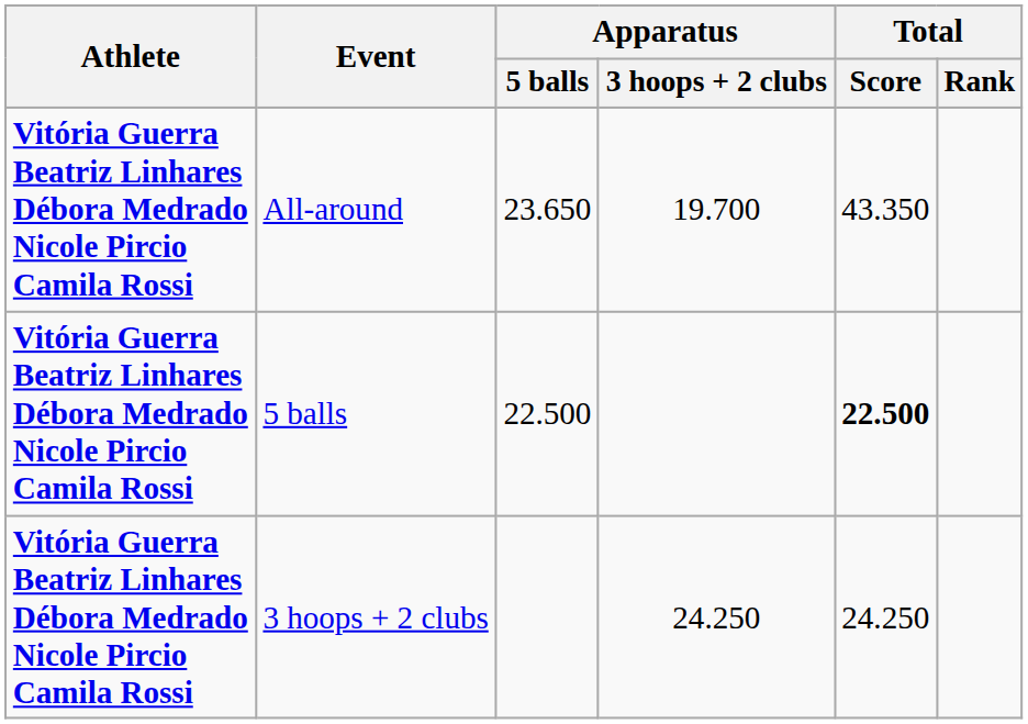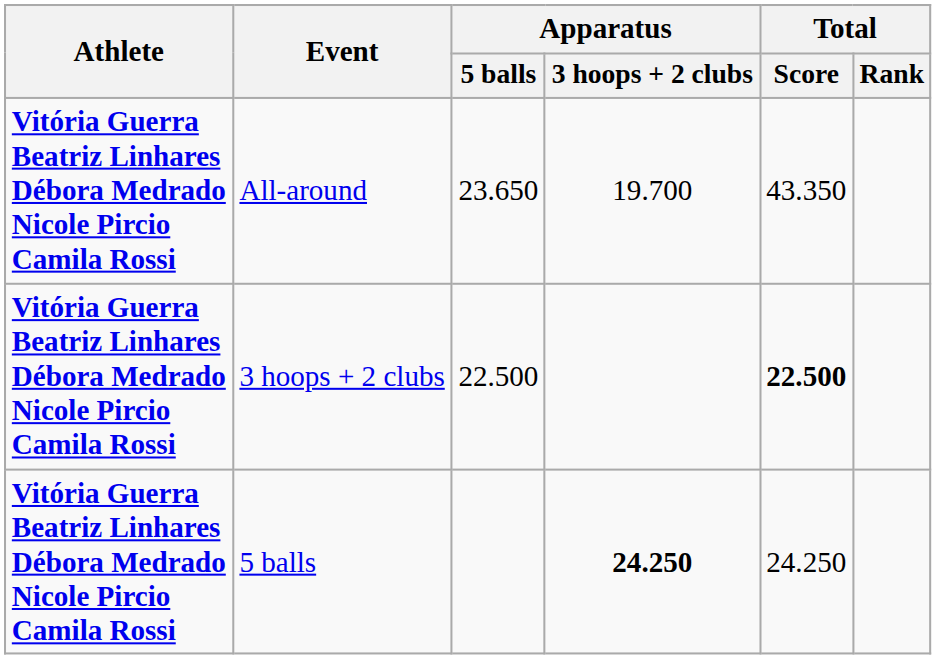 <table class=wikitable style=font-size:90%;text-align:center>
 <tr>
 <th rowspan=2>Athlete</th>
 <th rowspan=2>Event</th>
 <th colspan=2>Apparatus</th>
 <th colspan=2>Total</th>
 </tr>
 <tr style=font-size:95%>
 <th>5 balls</th>
 <th>3 hoops + 2 clubs</th>
 <th>Score</th>
 <th>Rank</th>
 </tr>
 <tr>
 <td align=left><strong><a href='#'>Vitória Guerra</a></strong><br><strong><a href='#'>Beatriz Linhares</a></strong><br><strong><a href='#'>Débora Medrado</a></strong><br><strong><a href='#'>Nicole Pircio</a></strong><br><strong><a href='#'>Camila Rossi</a></strong></td>
 <td align=left><a href='#'>All-around</a></td>
 <td>23.650</td>
 <td>19.700</td>
 <td>43.350</td>
 <td></td>
 </tr>
 <tr>
 <td align=left><strong><a href='#'>Vitória Guerra</a></strong><br><strong><a href='#'>Beatriz Linhares</a></strong><br><strong><a href='#'>Débora Medrado</a></strong><br><strong><a href='#'>Nicole Pircio</a></strong><br><strong><a href='#'>Camila Rossi</a></strong></td>
-<td align=left><a href='#'>5 balls</a></td>
+<td align=left><a href='#'>3 hoops + 2 clubs</a></td>
 <td>22.500</td>
 <td></td>
 <td><strong>22.500</strong></td>
 <td></td>
 </tr>
 <tr>
 <td align=left><strong><a href='#'>Vitória Guerra</a></strong><br><strong><a href='#'>Beatriz Linhares</a></strong><br><strong><a href='#'>Débora Medrado</a></strong><br><strong><a href='#'>Nicole Pircio</a></strong><br><strong><a href='#'>Camila Rossi</a></strong></td>
-<td align=left><a href='#'>3 hoops + 2 clubs</a></td>
+<td align=left><a href='#'>5 balls</a></td>
 <td></td>
-<td>24.250</td>
+<td><strong>24.250</strong></td>
 <td>24.250</td>
 <td></td>
 </tr>
 </table>
